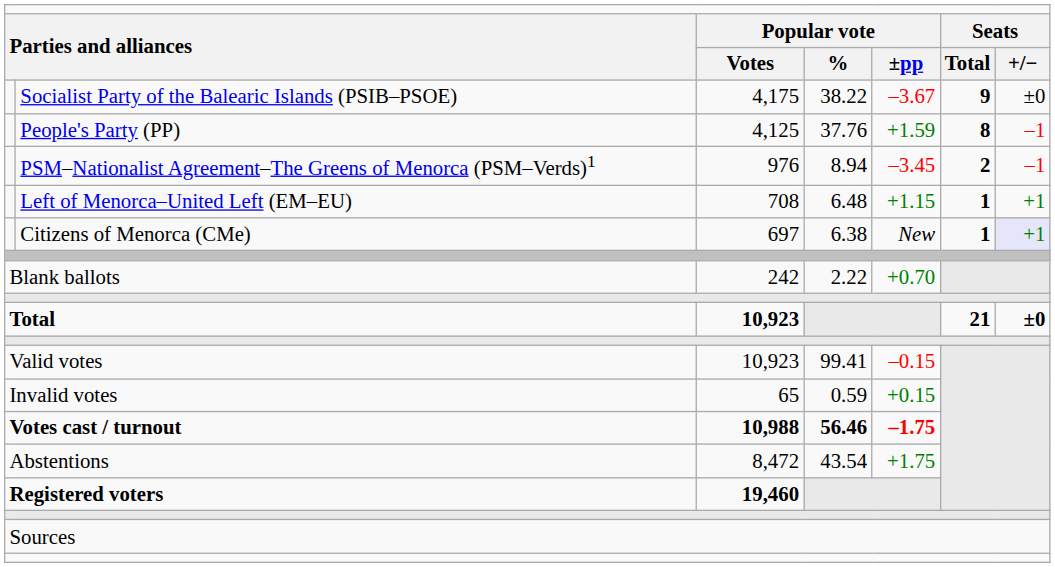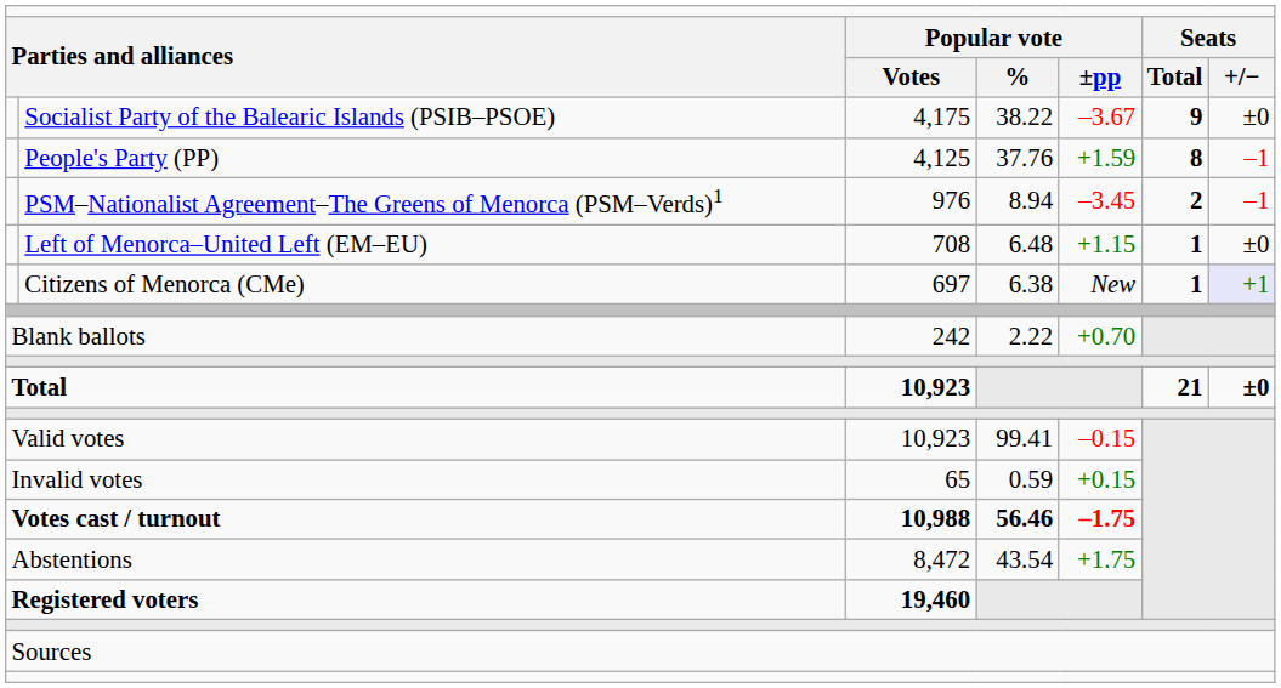 <table class="wikitable" style="text-align:right;">
 <tr>
 <td colspan="7"></td>
 </tr>
 <tr>
 <th style="text-align:left;" rowspan="2" colspan="2" width="525">Parties and alliances</th>
 <th colspan="3">Popular vote</th>
 <th colspan="2">Seats</th>
 </tr>
 <tr>
 <th width="75">Votes</th>
 <th width="45">%</th>
 <th width="45">±<a href='#'>pp</a></th>
 <th width="35">Total</th>
 <th width="35">+/−</th>
 </tr>
 <tr>
 <td width="1" style="color:inherit;background:"></td>
 <td align="left"><a href='#'>Socialist Party of the Balearic Islands</a> (PSIB–PSOE)</td>
 <td>4,175</td>
 <td>38.22</td>
 <td style="color:red;">–3.67</td>
 <td><strong>9</strong></td>
 <td>±0</td>
 </tr>
 <tr>
 <td style="color:inherit;background:"></td>
 <td align="left"><a href='#'>People's Party</a> (PP)</td>
 <td>4,125</td>
 <td>37.76</td>
 <td style="color:green;">+1.59</td>
 <td><strong>8</strong></td>
 <td style="color:red;">–1</td>
 </tr>
 <tr>
 <td style="color:inherit;background:"></td>
 <td align="left"><a href='#'>PSM</a>–<a href='#'>Nationalist Agreement</a>–<a href='#'>The Greens of Menorca</a> (PSM–Verds)<sup>1</sup></td>
 <td>976</td>
 <td>8.94</td>
 <td style="color:red;">–3.45</td>
 <td><strong>2</strong></td>
 <td style="color:red;">–1</td>
 </tr>
 <tr>
 <td style="color:inherit;background:"></td>
 <td align="left"><a href='#'>Left of Menorca–United Left</a> (EM–EU)</td>
 <td>708</td>
 <td>6.48</td>
 <td style="color:green;">+1.15</td>
 <td><strong>1</strong></td>
-<td style="color:green;">+1</td>
+<td>±0</td>
 </tr>
 <tr>
 <td style="color:inherit;background:"></td>
 <td align="left">Citizens of Menorca (CMe)</td>
 <td>697</td>
 <td>6.38</td>
 <td><em>New</em></td>
 <td><strong>1</strong></td>
 <td style="background: lavender; color:green;">+1</td>
 </tr>
 <tr>
 <td colspan="7" bgcolor="#C0C0C0"></td>
 </tr>
 <tr>
 <td align="left" colspan="2">Blank ballots</td>
 <td>242</td>
 <td>2.22</td>
 <td style="color:green;">+0.70</td>
 <td bgcolor="#E9E9E9" colspan="2"></td>
 </tr>
 <tr>
 <td colspan="7" bgcolor="#E9E9E9"></td>
 </tr>
 <tr style="font-weight:bold;">
 <td align="left" colspan="2">Total</td>
 <td>10,923</td>
 <td bgcolor="#E9E9E9" colspan="2"></td>
 <td>21</td>
 <td>±0</td>
 </tr>
 <tr>
 <td colspan="7" bgcolor="#E9E9E9"></td>
 </tr>
 <tr>
 <td align="left" colspan="2">Valid votes</td>
 <td>10,923</td>
 <td>99.41</td>
 <td style="color:red;">–0.15</td>
 <td bgcolor="#E9E9E9" colspan="2" rowspan="5"></td>
 </tr>
 <tr>
 <td align="left" colspan="2">Invalid votes</td>
 <td>65</td>
 <td>0.59</td>
 <td style="color:green;">+0.15</td>
 </tr>
 <tr style="font-weight:bold;">
 <td align="left" colspan="2">Votes cast / turnout</td>
 <td>10,988</td>
 <td>56.46</td>
 <td style="color:red;">–1.75</td>
 </tr>
 <tr>
 <td align="left" colspan="2">Abstentions</td>
 <td>8,472</td>
 <td>43.54</td>
 <td style="color:green;">+1.75</td>
 </tr>
 <tr style="font-weight:bold;">
 <td align="left" colspan="2">Registered voters</td>
 <td>19,460</td>
 <td bgcolor="#E9E9E9" colspan="2"></td>
 </tr>
 <tr>
 <td colspan="7" bgcolor="#E9E9E9"></td>
 </tr>
 <tr>
 <td align="left" colspan="7">Sources</td>
 </tr>
 <tr>
 <td colspan="7" style="text-align:left; max-width:790px;"></td>
 </tr>
 </table>
